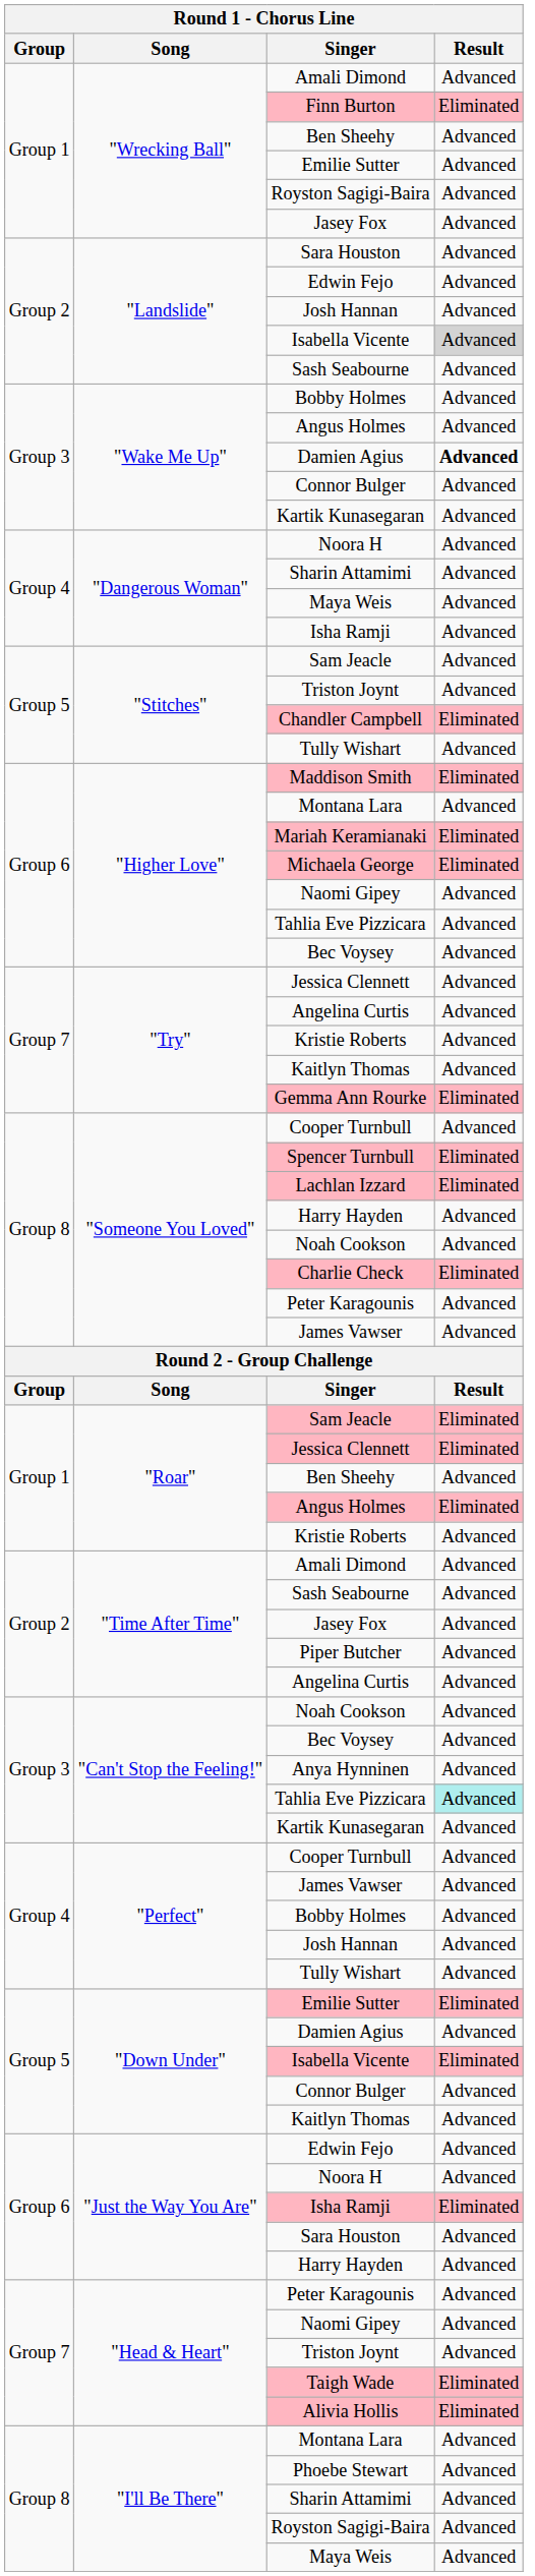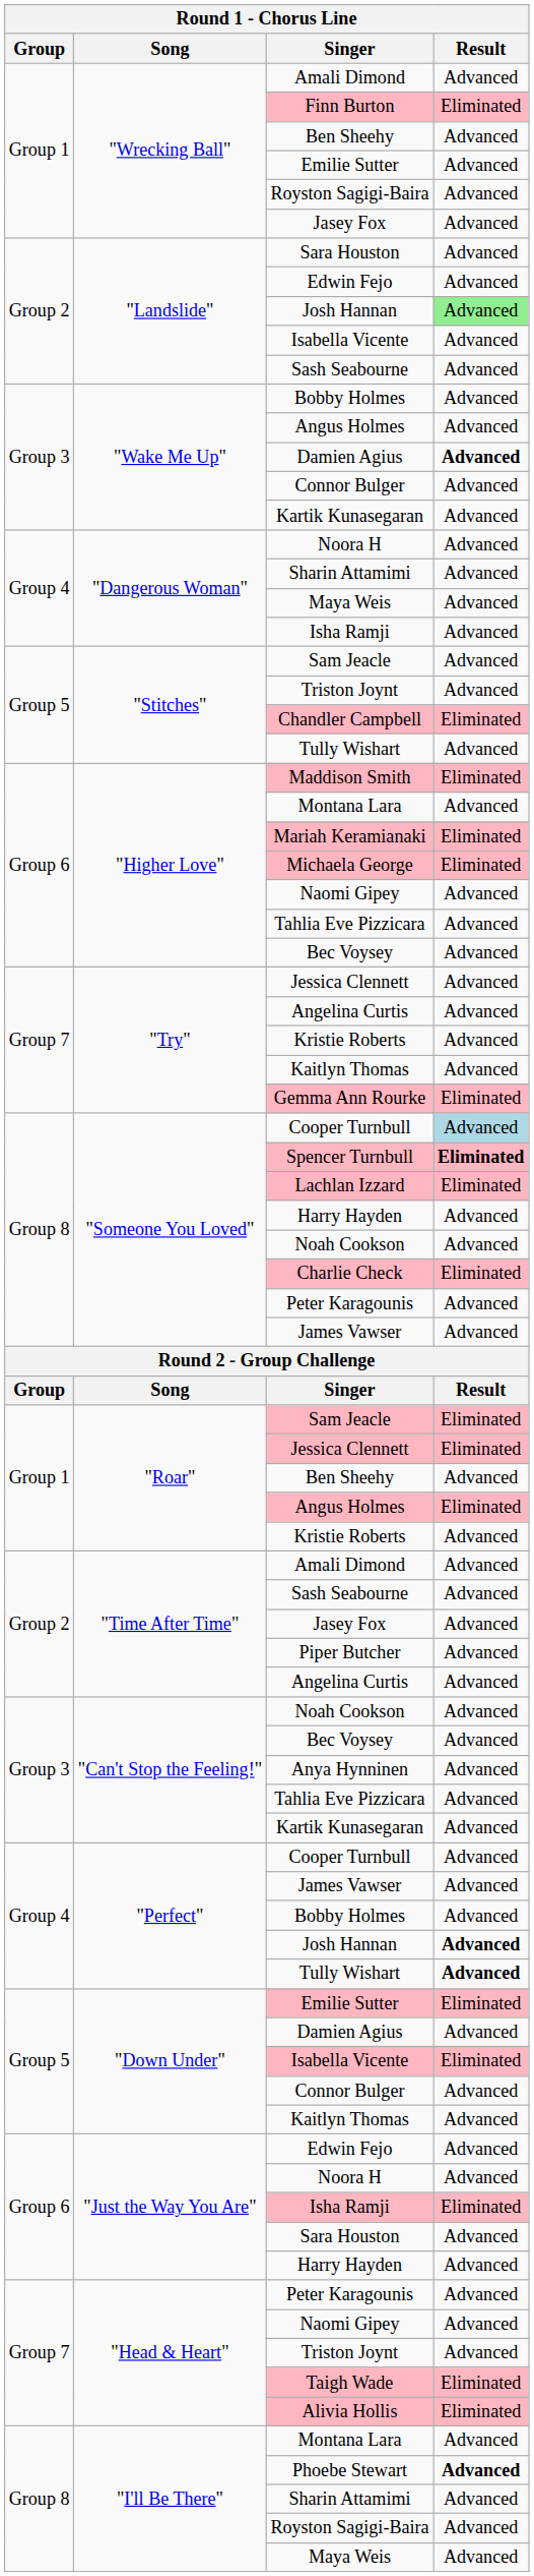 <table class="wikitable plainrowheaders" style="text-align:center;">
 <tr>
 <th colspan=4>Round 1 - Chorus Line</th>
 </tr>
 <tr>
 <th scope="col">Group</th>
 <th scope="col">Song</th>
 <th scope="col">Singer</th>
 <th scope="col">Result</th>
 </tr>
 <tr>
 <td rowspan="6">Group 1</td>
 <td rowspan="6">"<a href='#'>Wrecking Ball</a>"</td>
 <td>Amali Dimond</td>
 <td>Advanced</td>
 </tr>
 <tr>
 <td style="background-color:lightpink">Finn Burton</td>
 <td style="background-color:lightpink">Eliminated</td>
 </tr>
 <tr>
 <td>Ben Sheehy</td>
 <td>Advanced</td>
 </tr>
 <tr>
 <td>Emilie Sutter</td>
 <td>Advanced</td>
 </tr>
 <tr>
 <td>Royston Sagigi-Baira</td>
 <td>Advanced</td>
 </tr>
 <tr>
 <td>Jasey Fox</td>
 <td>Advanced</td>
 </tr>
 <tr>
 <td rowspan="5">Group 2</td>
 <td rowspan="5">"<a href='#'>Landslide</a>"</td>
 <td>Sara Houston</td>
 <td>Advanced</td>
 </tr>
 <tr>
 <td>Edwin Fejo</td>
 <td>Advanced</td>
 </tr>
 <tr>
 <td>Josh Hannan</td>
-<td>Advanced</td>
+<td style="background: lightgreen;">Advanced</td>
 </tr>
 <tr>
 <td>Isabella Vicente</td>
-<td style="background: lightgrey;">Advanced</td>
+<td>Advanced</td>
 </tr>
 <tr>
 <td>Sash Seabourne</td>
 <td>Advanced</td>
 </tr>
 <tr>
 <td rowspan="5">Group 3</td>
 <td rowspan="5">"<a href='#'>Wake Me Up</a>"</td>
 <td>Bobby Holmes</td>
 <td>Advanced</td>
 </tr>
 <tr>
 <td>Angus Holmes</td>
 <td>Advanced</td>
 </tr>
 <tr>
 <td>Damien Agius</td>
 <td><strong>Advanced</strong></td>
 </tr>
 <tr>
 <td>Connor Bulger</td>
 <td>Advanced</td>
 </tr>
 <tr>
 <td>Kartik Kunasegaran</td>
 <td>Advanced</td>
 </tr>
 <tr>
 <td rowspan="4">Group 4</td>
 <td rowspan="4">"<a href='#'>Dangerous Woman</a>"</td>
 <td>Noora H</td>
 <td>Advanced</td>
 </tr>
 <tr>
 <td>Sharin Attamimi</td>
 <td>Advanced</td>
 </tr>
 <tr>
 <td>Maya Weis</td>
 <td>Advanced</td>
 </tr>
 <tr>
 <td>Isha Ramji</td>
 <td>Advanced</td>
 </tr>
 <tr>
 <td rowspan="4">Group 5</td>
 <td rowspan="4">"<a href='#'>Stitches</a>"</td>
 <td>Sam Jeacle</td>
 <td>Advanced</td>
 </tr>
 <tr>
 <td>Triston Joynt</td>
 <td>Advanced</td>
 </tr>
 <tr>
 <td style="background-color:lightpink">Chandler Campbell</td>
 <td style="background-color:lightpink">Eliminated</td>
 </tr>
 <tr>
 <td>Tully Wishart</td>
 <td>Advanced</td>
 </tr>
 <tr>
 <td rowspan="7">Group 6</td>
 <td rowspan="7">"<a href='#'>Higher Love</a>"</td>
 <td style="background-color:lightpink">Maddison Smith</td>
 <td style="background-color:lightpink">Eliminated</td>
 </tr>
 <tr>
 <td>Montana Lara</td>
 <td>Advanced</td>
 </tr>
 <tr>
 <td style="background-color:lightpink">Mariah Keramianaki</td>
 <td style="background-color:lightpink">Eliminated</td>
 </tr>
 <tr>
 <td style="background-color:lightpink">Michaela George</td>
 <td style="background-color:lightpink">Eliminated</td>
 </tr>
 <tr>
 <td>Naomi Gipey</td>
 <td>Advanced</td>
 </tr>
 <tr>
 <td>Tahlia Eve Pizzicara</td>
 <td>Advanced</td>
 </tr>
 <tr>
 <td>Bec Voysey</td>
 <td>Advanced</td>
 </tr>
 <tr>
 <td rowspan="5">Group 7</td>
 <td rowspan="5">"<a href='#'>Try</a>"</td>
 <td>Jessica Clennett</td>
 <td>Advanced</td>
 </tr>
 <tr>
 <td>Angelina Curtis</td>
 <td>Advanced</td>
 </tr>
 <tr>
 <td>Kristie Roberts</td>
 <td>Advanced</td>
 </tr>
 <tr>
 <td>Kaitlyn Thomas</td>
 <td>Advanced</td>
 </tr>
 <tr>
 <td style="background-color:lightpink">Gemma Ann Rourke</td>
 <td style="background-color:lightpink">Eliminated</td>
 </tr>
 <tr>
 <td rowspan="8">Group 8</td>
 <td rowspan="8">"<a href='#'>Someone You Loved</a>"</td>
 <td>Cooper Turnbull</td>
-<td>Advanced</td>
+<td style="background: lightblue;">Advanced</td>
 </tr>
 <tr>
 <td style="background-color:lightpink">Spencer Turnbull</td>
-<td style="background-color:lightpink">Eliminated</td>
+<td style="background-color:lightpink"><strong>Eliminated</strong></td>
 </tr>
 <tr>
 <td style="background-color:lightpink">Lachlan Izzard</td>
 <td style="background-color:lightpink">Eliminated</td>
 </tr>
 <tr>
 <td>Harry Hayden</td>
 <td>Advanced</td>
 </tr>
 <tr>
 <td>Noah Cookson</td>
 <td>Advanced</td>
 </tr>
 <tr>
 <td style="background-color:lightpink">Charlie Check</td>
 <td style="background-color:lightpink">Eliminated</td>
 </tr>
 <tr>
 <td>Peter Karagounis</td>
 <td>Advanced</td>
 </tr>
 <tr>
 <td>James Vawser</td>
 <td>Advanced</td>
 </tr>
 <tr>
 <th colspan=4>Round 2 - Group Challenge</th>
 </tr>
 <tr>
 <th scope="col">Group</th>
 <th scope="col">Song</th>
 <th scope="col">Singer</th>
 <th scope="col">Result</th>
 </tr>
 <tr>
 <td rowspan="5">Group 1 <br></td>
 <td rowspan="5">"<a href='#'>Roar</a>"</td>
 <td style="background-color:lightpink">Sam Jeacle</td>
 <td style="background-color:lightpink">Eliminated</td>
 </tr>
 <tr>
 <td style="background-color:lightpink">Jessica Clennett</td>
 <td style="background-color:lightpink">Eliminated</td>
 </tr>
 <tr>
 <td>Ben Sheehy</td>
 <td>Advanced</td>
 </tr>
 <tr>
 <td style="background-color:lightpink">Angus Holmes</td>
 <td style="background-color:lightpink">Eliminated</td>
 </tr>
 <tr>
 <td>Kristie Roberts</td>
 <td>Advanced</td>
 </tr>
 <tr>
 <td rowspan="5">Group 2 <br></td>
 <td rowspan="5">"<a href='#'>Time After Time</a>"</td>
 <td>Amali Dimond</td>
 <td>Advanced</td>
 </tr>
 <tr>
 <td>Sash Seabourne</td>
 <td>Advanced</td>
 </tr>
 <tr>
 <td>Jasey Fox</td>
 <td>Advanced</td>
 </tr>
 <tr>
 <td>Piper Butcher</td>
 <td>Advanced</td>
 </tr>
 <tr>
 <td>Angelina Curtis</td>
 <td>Advanced</td>
 </tr>
 <tr>
 <td rowspan="5">Group 3 <br></td>
 <td rowspan="5">"<a href='#'>Can't Stop the Feeling!</a>"</td>
 <td>Noah Cookson</td>
 <td>Advanced</td>
 </tr>
 <tr>
 <td>Bec Voysey</td>
 <td>Advanced</td>
 </tr>
 <tr>
 <td>Anya Hynninen</td>
 <td>Advanced</td>
 </tr>
 <tr>
 <td>Tahlia Eve Pizzicara</td>
-<td style="background: paleturquoise;">Advanced</td>
+<td>Advanced</td>
 </tr>
 <tr>
 <td>Kartik Kunasegaran</td>
 <td>Advanced</td>
 </tr>
 <tr>
 <td rowspan="5">Group 4 <br></td>
 <td rowspan="5">"<a href='#'>Perfect</a>"</td>
 <td>Cooper Turnbull</td>
 <td>Advanced</td>
 </tr>
 <tr>
 <td>James Vawser</td>
 <td>Advanced</td>
 </tr>
 <tr>
 <td>Bobby Holmes</td>
 <td>Advanced</td>
 </tr>
 <tr>
 <td>Josh Hannan</td>
-<td>Advanced</td>
+<td><strong>Advanced</strong></td>
 </tr>
 <tr>
 <td>Tully Wishart</td>
-<td>Advanced</td>
+<td><strong>Advanced</strong></td>
 </tr>
 <tr>
 <td rowspan="5">Group 5 <br></td>
 <td rowspan="5">"<a href='#'>Down Under</a>"</td>
 <td style="background-color:lightpink">Emilie Sutter</td>
 <td style="background-color:lightpink">Eliminated</td>
 </tr>
 <tr>
 <td>Damien Agius</td>
 <td>Advanced</td>
 </tr>
 <tr>
 <td style="background-color:lightpink">Isabella Vicente</td>
 <td style="background-color:lightpink">Eliminated</td>
 </tr>
 <tr>
 <td>Connor Bulger</td>
 <td>Advanced</td>
 </tr>
 <tr>
 <td>Kaitlyn Thomas</td>
 <td>Advanced</td>
 </tr>
 <tr>
 <td rowspan="5">Group 6 <br></td>
 <td rowspan="5">"<a href='#'>Just the Way You Are</a>"</td>
 <td>Edwin Fejo</td>
 <td>Advanced</td>
 </tr>
 <tr>
 <td>Noora H</td>
 <td>Advanced</td>
 </tr>
 <tr>
 <td style="background-color:lightpink">Isha Ramji</td>
 <td style="background-color:lightpink">Eliminated</td>
 </tr>
 <tr>
 <td>Sara Houston</td>
 <td>Advanced</td>
 </tr>
 <tr>
 <td>Harry Hayden</td>
 <td>Advanced</td>
 </tr>
 <tr>
 <td rowspan="5">Group 7 <br></td>
 <td rowspan="5">"<a href='#'>Head & Heart</a>"</td>
 <td>Peter Karagounis</td>
 <td>Advanced</td>
 </tr>
 <tr>
 <td>Naomi Gipey</td>
 <td>Advanced</td>
 </tr>
 <tr>
 <td>Triston Joynt</td>
 <td>Advanced</td>
 </tr>
 <tr>
 <td style="background-color:lightpink">Taigh Wade</td>
 <td style="background-color:lightpink">Eliminated</td>
 </tr>
 <tr>
 <td style="background-color:lightpink">Alivia Hollis</td>
 <td style="background-color:lightpink">Eliminated</td>
 </tr>
 <tr>
 <td rowspan="5">Group 8</td>
 <td rowspan="5">"<a href='#'>I'll Be There</a>"</td>
 <td>Montana Lara</td>
 <td>Advanced</td>
 </tr>
 <tr>
 <td>Phoebe Stewart</td>
-<td>Advanced</td>
+<td><strong>Advanced</strong></td>
 </tr>
 <tr>
 <td>Sharin Attamimi</td>
 <td>Advanced</td>
 </tr>
 <tr>
 <td>Royston Sagigi-Baira</td>
 <td>Advanced</td>
 </tr>
 <tr>
 <td>Maya Weis</td>
 <td>Advanced</td>
 </tr>
 <tr>
 </tr>
 </table>
